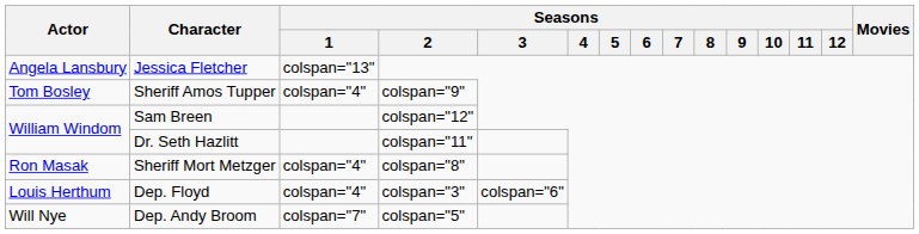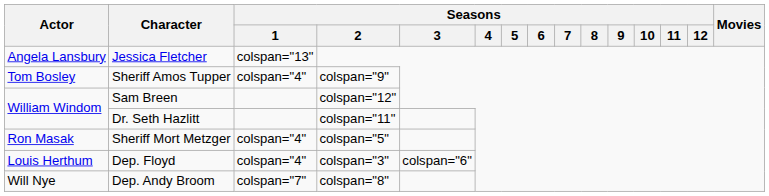 <table class="wikitable">
 <tr>
 <th rowspan="2">Actor</th>
 <th rowspan="2">Character</th>
 <th colspan="12">Seasons</th>
 <th rowspan="2">Movies</th>
 </tr>
 <tr>
 <th style="width:25px;">1</th>
 <th style="width:25px;">2</th>
 <th style="width:25px;">3</th>
 <th style="width:25px;">4</th>
 <th style="width:25px;">5</th>
 <th style="width:25px;">6</th>
 <th style="width:25px;">7</th>
 <th style="width:25px;">8</th>
 <th style="width:25px;">9</th>
 <th style="width:25px;">10</th>
 <th style="width:25px;">11</th>
 <th style="width:25px;">12</th>
 </tr>
 <tr>
 <td><a href='#'>Angela Lansbury</a></td>
 <td><a href='#'>Jessica Fletcher</a></td>
 <td>colspan="13" </td>
 </tr>
 <tr>
 <td><a href='#'>Tom Bosley</a></td>
 <td>Sheriff Amos Tupper</td>
 <td>colspan="4" </td>
 <td>colspan="9" </td>
 </tr>
 <tr>
 <td rowspan="2"><a href='#'>William Windom</a></td>
 <td>Sam Breen</td>
 <td></td>
 <td>colspan="12" </td>
 </tr>
 <tr>
 <td>Dr. Seth Hazlitt</td>
 <td></td>
 <td>colspan="11" </td>
 <td></td>
 </tr>
 <tr>
 <td><a href='#'>Ron Masak</a></td>
 <td>Sheriff Mort Metzger</td>
 <td>colspan="4" </td>
-<td>colspan="8" </td>
+<td>colspan="5" </td>
 <td></td>
 </tr>
 <tr>
 <td><a href='#'>Louis Herthum</a></td>
 <td>Dep. Floyd</td>
 <td>colspan="4" </td>
 <td>colspan="3" </td>
 <td>colspan="6" </td>
 </tr>
 <tr>
 <td>Will Nye</td>
 <td>Dep. Andy Broom</td>
 <td>colspan="7" </td>
-<td>colspan="5" </td>
+<td>colspan="8" </td>
 <td></td>
 </tr>
 </table>
